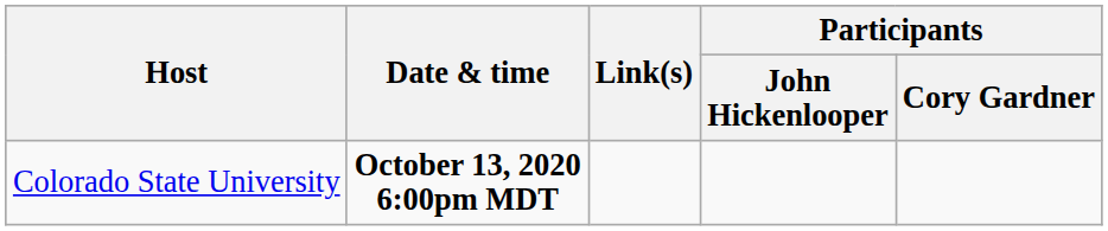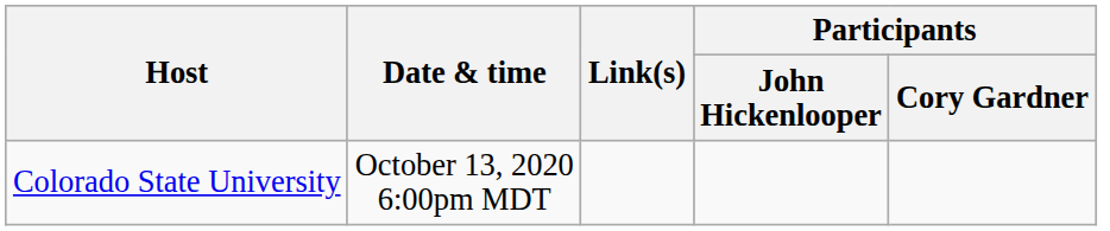 <table class="wikitable sortable">
 <tr>
 <th rowspan="2">Host</th>
 <th rowspan="2">Date & time</th>
 <th rowspan="2">Link(s)</th>
 <th colspan="2">Participants</th>
 </tr>
 <tr>
 <th>John<br>Hickenlooper</th>
 <th>Cory Gardner</th>
 </tr>
 <tr>
 <td align="center"><a href='#'>Colorado State University</a></td>
-<td align="center"><strong>October 13, 2020<br>6:00pm MDT</strong></td>
+<td align="center">October 13, 2020<br>6:00pm MDT</td>
 <td align="center"></td>
 <td></td>
 <td></td>
 </tr>
 </table>
